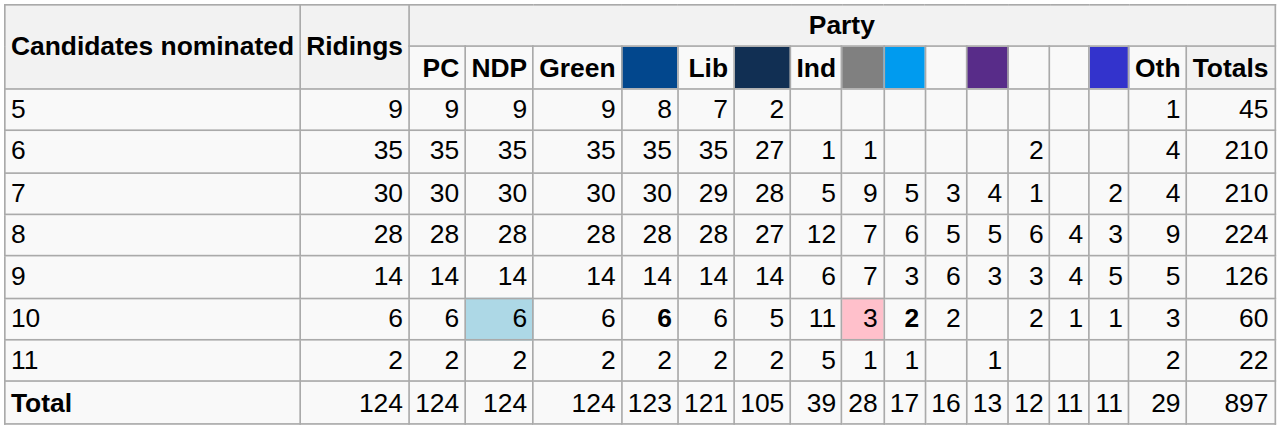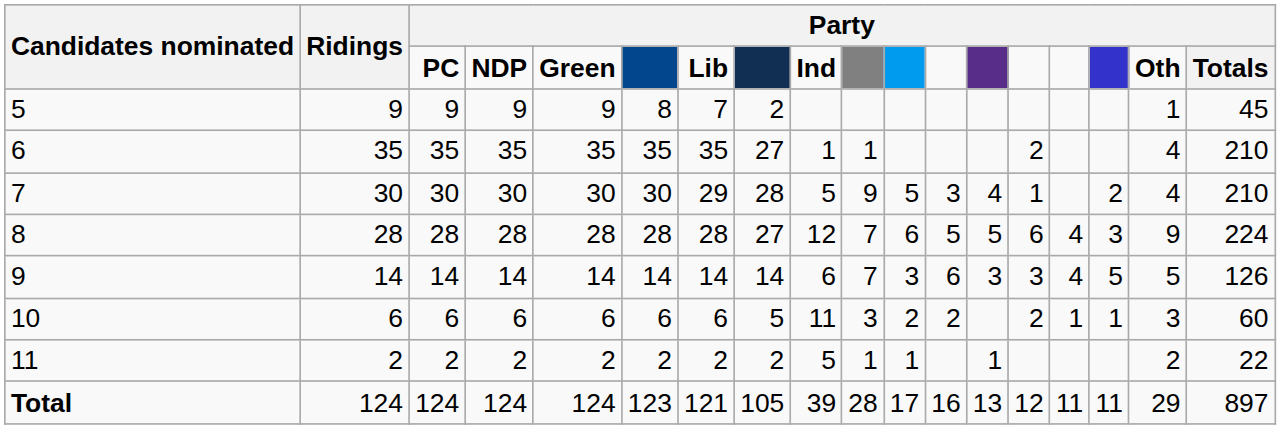 <table class="wikitable" style="text-align:right;">
 <tr>
 <th rowspan="2">Candidates nominated</th>
 <th rowspan="2">Ridings</th>
 <th colspan="16">Party</th>
 </tr>
 <tr>
 <td><strong>PC</strong></td>
 <td><strong>NDP</strong></td>
 <td><strong>Green</strong></td>
 <td style="background-color:#02478d; color: white" align="center"><strong></strong></td>
 <td><strong>Lib</strong></td>
 <td style="background-color:#112f53; color: white" align="center"><strong></strong></td>
 <td><strong>Ind</strong></td>
 <td style="background-color:#808080; color: white" align="center"><strong></strong></td>
 <td style="background-color:#009bef; color: white" align="center"><strong></strong></td>
 <td><strong></strong></td>
 <td style="background-color:#582C89; color: white" align="center"><strong></strong></td>
 <td><strong></strong></td>
 <td><strong></strong></td>
 <td style="background-color:#3333CC; color: white" align="center"><strong></strong></td>
 <td><strong>Oth</strong></td>
 <th>Totals</th>
 </tr>
 <tr>
 <td style="text-align:left;">5</td>
 <td>9</td>
 <td>9</td>
 <td>9</td>
 <td>9</td>
 <td>8</td>
 <td>7</td>
 <td>2</td>
 <td></td>
 <td></td>
 <td></td>
 <td></td>
 <td></td>
 <td></td>
 <td></td>
 <td></td>
 <td>1</td>
 <td>45</td>
 </tr>
 <tr>
 <td style="text-align:left;">6</td>
 <td>35</td>
 <td>35</td>
 <td>35</td>
 <td>35</td>
 <td>35</td>
 <td>35</td>
 <td>27</td>
 <td>1</td>
 <td>1</td>
 <td></td>
 <td></td>
 <td></td>
 <td>2</td>
 <td></td>
 <td></td>
 <td>4</td>
 <td>210</td>
 </tr>
 <tr>
 <td style="text-align:left;">7</td>
 <td>30</td>
 <td>30</td>
 <td>30</td>
 <td>30</td>
 <td>30</td>
 <td>29</td>
 <td>28</td>
 <td>5</td>
 <td>9</td>
 <td>5</td>
 <td>3</td>
 <td>4</td>
 <td>1</td>
 <td></td>
 <td>2</td>
 <td>4</td>
 <td>210</td>
 </tr>
 <tr>
 <td style="text-align:left;">8</td>
 <td>28</td>
 <td>28</td>
 <td>28</td>
 <td>28</td>
 <td>28</td>
 <td>28</td>
 <td>27</td>
 <td>12</td>
 <td>7</td>
 <td>6</td>
 <td>5</td>
 <td>5</td>
 <td>6</td>
 <td>4</td>
 <td>3</td>
 <td>9</td>
 <td>224</td>
 </tr>
 <tr>
 <td style="text-align:left;">9</td>
 <td>14</td>
 <td>14</td>
 <td>14</td>
 <td>14</td>
 <td>14</td>
 <td>14</td>
 <td>14</td>
 <td>6</td>
 <td>7</td>
 <td>3</td>
 <td>6</td>
 <td>3</td>
 <td>3</td>
 <td>4</td>
 <td>5</td>
 <td>5</td>
 <td>126</td>
 </tr>
 <tr>
 <td style="text-align:left;">10</td>
 <td>6</td>
 <td>6</td>
-<td style="background: lightblue;">6</td>
 <td>6</td>
-<td><strong>6</strong></td>
+<td>6</td>
+<td>6</td>
 <td>6</td>
 <td>5</td>
 <td>11</td>
-<td style="background: pink;">3</td>
-<td><strong>2</strong></td>
+<td>3</td>
+<td>2</td>
 <td>2</td>
 <td></td>
 <td>2</td>
 <td>1</td>
 <td>1</td>
 <td>3</td>
 <td>60</td>
 </tr>
 <tr>
 <td style="text-align:left;">11</td>
 <td>2</td>
 <td>2</td>
 <td>2</td>
 <td>2</td>
 <td>2</td>
 <td>2</td>
 <td>2</td>
 <td>5</td>
 <td>1</td>
 <td>1</td>
 <td></td>
 <td>1</td>
 <td></td>
 <td></td>
 <td></td>
 <td>2</td>
 <td>22</td>
 </tr>
 <tr>
 <td style="text-align:left;"><strong>Total</strong></td>
 <td>124</td>
 <td>124</td>
 <td>124</td>
 <td>124</td>
 <td>123</td>
 <td>121</td>
 <td>105</td>
 <td>39</td>
 <td>28</td>
 <td>17</td>
 <td>16</td>
 <td>13</td>
 <td>12</td>
 <td>11</td>
 <td>11</td>
 <td>29</td>
 <td>897</td>
 </tr>
 </table>
